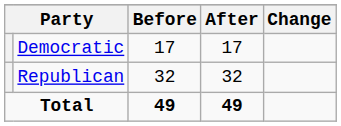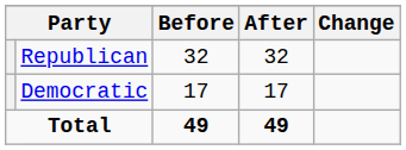 <table class="wikitable" style="text-align:center;">
 <tr>
 </tr>
 <tr>
 <th colspan=2>Party</th>
 <th style="width:3em">Before</th>
 <th style="width:3em">After</th>
 <th style="width:3em">Change</th>
 </tr>
 <tr>
 <th style="background-color:"></th>
-<td style="text-align:left;"><a href='#'>Democratic</a></td>
-<td>17</td>
-<td>17</td>
+<td style="text-align:left;"><a href='#'>Republican</a></td>
+<td>32</td>
+<td>32</td>
 <td></td>
 </tr>
 <tr>
 <th style="background-color:"></th>
-<td style="text-align:left;"><a href='#'>Republican</a></td>
-<td>32</td>
-<td>32</td>
+<td style="text-align:left;"><a href='#'>Democratic</a></td>
+<td>17</td>
+<td>17</td>
 <td></td>
 </tr>
 <tr>
 <td colspan=2><strong>Total</strong></td>
 <td><strong>49</strong></td>
 <td><strong>49</strong></td>
 <td></td>
 </tr>
 </table>
